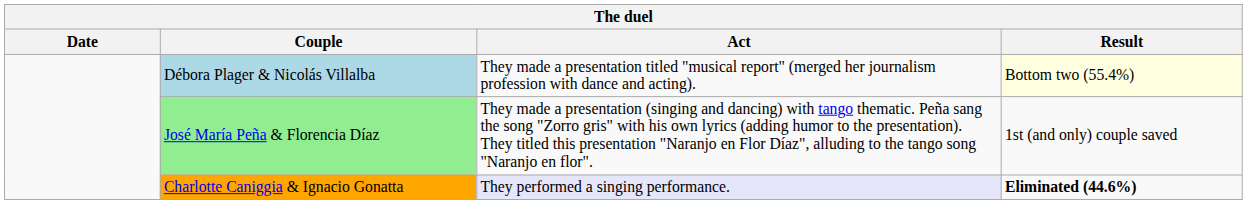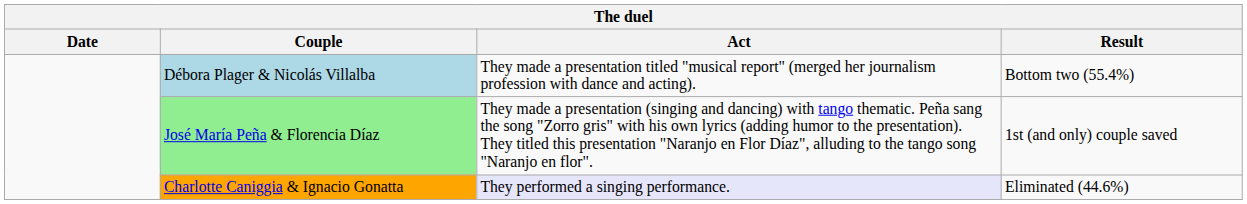 <table class="wikitable collapsible collapsed" style="text-align: align; width: 100%">
 <tr>
 <th colspan="11" style="with: 100%" align="center">The duel</th>
 </tr>
 <tr>
 <th width=75>Date</th>
 <th width=160>Couple</th>
 <th width=270>Act</th>
 <th width=120>Result</th>
 </tr>
 <tr>
 <td rowspan="3"></td>
 <td bgcolor="lightblue">Débora Plager & Nicolás Villalba</td>
 <td>They made a presentation titled "musical report" (merged her journalism profession with dance and acting).<br></td>
-<td style="background: lightyellow;">Bottom two (55.4%)</td>
+<td>Bottom two (55.4%)</td>
 </tr>
 <tr>
 <td bgcolor="lightgreen"><a href='#'>José María Peña</a> & Florencia Díaz</td>
 <td>They made a presentation (singing and dancing) with <a href='#'>tango</a> thematic. Peña sang the song "Zorro gris" with his own lyrics (adding humor to the presentation). They titled this presentation "Naranjo en Flor Díaz", alluding to the tango song "Naranjo en flor".<br></td>
 <td>1st (and only) couple saved</td>
 </tr>
 <tr>
 <td bgcolor="orange"><a href='#'>Charlotte Caniggia</a> & Ignacio Gonatta</td>
 <td style="background: lavender;">They performed a singing performance.<br></td>
-<td><strong>Eliminated (44.6%)</strong></td>
+<td>Eliminated (44.6%)</td>
 </tr>
 </table>
